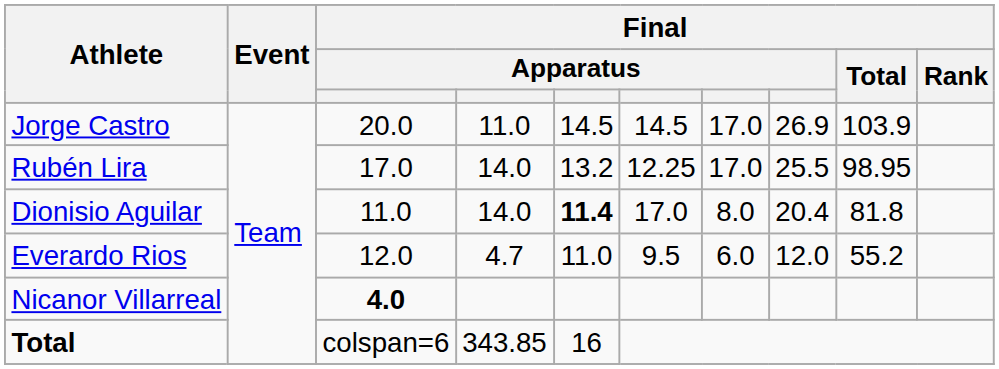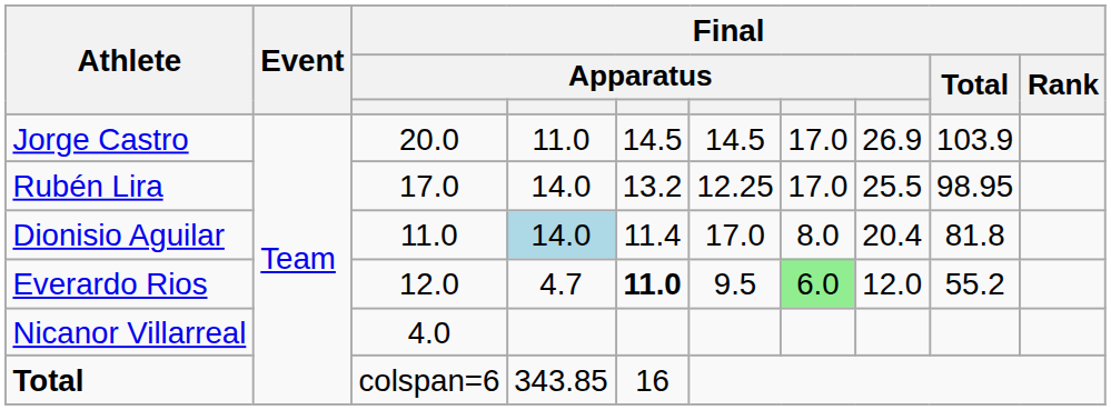 <table class="wikitable" style="font-size:90%">
 <tr>
 <th rowspan=3>Athlete</th>
 <th rowspan=3>Event</th>
 <th colspan =8>Final</th>
 </tr>
 <tr style="font-size:95%">
 <th colspan=6>Apparatus</th>
 <th rowspan=2>Total</th>
 <th rowspan=2>Rank</th>
 </tr>
 <tr style="font-size:95%">
 <th></th>
 <th></th>
 <th></th>
 <th></th>
 <th></th>
 <th></th>
 </tr>
 <tr align=center>
 <td align=left><a href='#'>Jorge Castro</a></td>
 <td align=left rowspan=6><a href='#'>Team</a></td>
 <td>20.0</td>
 <td>11.0</td>
 <td>14.5</td>
 <td>14.5</td>
 <td>17.0</td>
 <td>26.9</td>
 <td>103.9</td>
 <td></td>
 </tr>
 <tr align=center>
 <td align=left><a href='#'>Rubén Lira</a></td>
 <td>17.0</td>
 <td>14.0</td>
 <td>13.2</td>
 <td>12.25</td>
 <td>17.0</td>
 <td>25.5</td>
 <td>98.95</td>
 <td></td>
 </tr>
 <tr align=center>
 <td align=left><a href='#'>Dionisio Aguilar</a></td>
 <td>11.0</td>
-<td>14.0</td>
-<td><strong>11.4</strong></td>
+<td style="background: lightblue;">14.0</td>
+<td>11.4</td>
 <td>17.0</td>
 <td>8.0</td>
 <td>20.4</td>
 <td>81.8</td>
 <td></td>
 </tr>
 <tr align=center>
 <td align=left><a href='#'>Everardo Rios</a></td>
 <td>12.0</td>
 <td>4.7</td>
-<td>11.0</td>
+<td><strong>11.0</strong></td>
 <td>9.5</td>
-<td>6.0</td>
+<td style="background: lightgreen;">6.0</td>
 <td>12.0</td>
 <td>55.2</td>
 <td></td>
 </tr>
 <tr align=center>
 <td align=left><a href='#'>Nicanor Villarreal</a></td>
-<td><strong>4.0</strong></td>
+<td>4.0</td>
 <td></td>
 <td></td>
 <td></td>
 <td></td>
 <td></td>
 <td></td>
 <td></td>
 </tr>
 <tr align=center>
 <td align=left><strong>Total</strong></td>
 <td>colspan=6 </td>
 <td>343.85</td>
 <td>16</td>
 </tr>
 </table>
